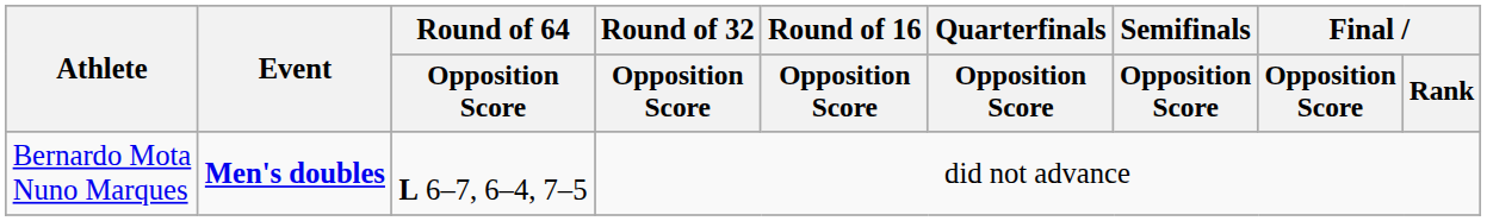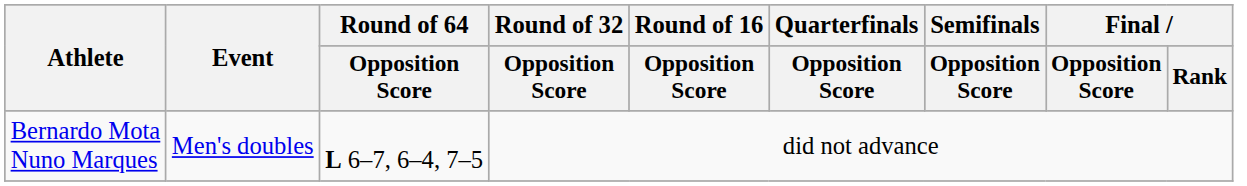 <table class=wikitable style=font-size:90%;text-align:center>
 <tr>
 <th rowspan=2>Athlete</th>
 <th rowspan=2>Event</th>
 <th>Round of 64</th>
 <th>Round of 32</th>
 <th>Round of 16</th>
 <th>Quarterfinals</th>
 <th>Semifinals</th>
 <th colspan=2>Final / </th>
 </tr>
 <tr style=font-size:95%>
 <th>Opposition<br>Score</th>
 <th>Opposition<br>Score</th>
 <th>Opposition<br>Score</th>
 <th>Opposition<br>Score</th>
 <th>Opposition<br>Score</th>
 <th>Opposition<br>Score</th>
 <th>Rank</th>
 </tr>
 <tr>
 <td align=left><a href='#'>Bernardo Mota</a> <br> <a href='#'>Nuno Marques</a></td>
-<td align=left><strong><a href='#'>Men's doubles</a></strong></td>
+<td align=left><a href='#'>Men's doubles</a></td>
 <td><br><strong>L</strong> 6–7, 6–4, 7–5</td>
 <td colspan=6>did not advance</td>
 </tr>
 </table>
